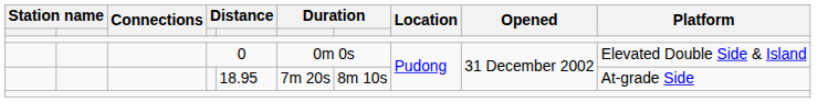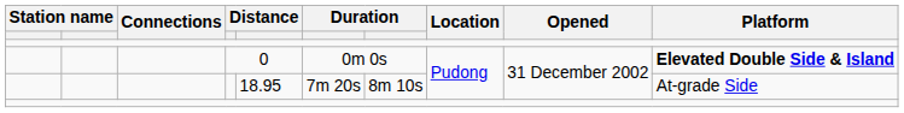 <table class="wikitable">
 <tr>
 <th colspan="2">Station name</th>
 <th rowspan="2">Connections<br></th>
 <th colspan="2">Distance</th>
 <th colspan="2">Duration</th>
 <th rowspan="2">Location</th>
 <th rowspan="2">Opened</th>
 <th rowspan="2">Platform</th>
 </tr>
 <tr>
 <th></th>
 <th></th>
 <th></th>
 <th></th>
 <th></th>
 <th></th>
 </tr>
 <tr style="background:#">
 <td colspan="10"></td>
 </tr>
 <tr>
 <td></td>
 <td></td>
 <td>   </td>
 <td colspan="2" align="center">0</td>
 <td colspan="2" align="center">0m 0s</td>
 <td rowspan="2"><a href='#'>Pudong</a></td>
 <td rowspan="2">31 December 2002</td>
-<td>Elevated Double <a href='#'>Side</a> & <a href='#'>Island</a></td>
+<td><strong>Elevated Double <a href='#'>Side</a> & <a href='#'>Island</a></strong></td>
 </tr>
 <tr>
 <td> </td>
 <td></td>
 <td><br> </td>
 <td></td>
 <td>18.95</td>
 <td>7m 20s</td>
 <td>8m 10s</td>
 <td>At-grade <a href='#'>Side</a></td>
 </tr>
 <tr style="background:#">
 <td colspan="10"></td>
 </tr>
 </table>
